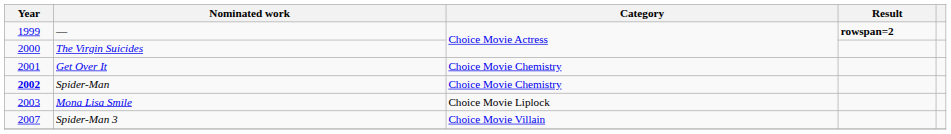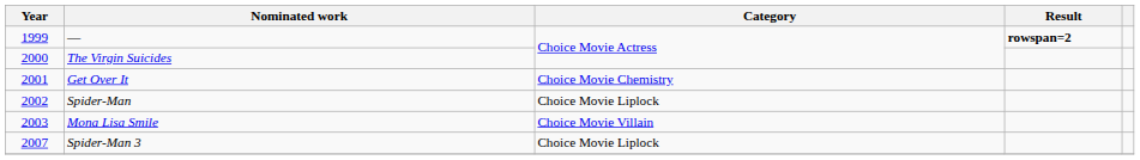 <table class="wikitable" style="width:85%;">
 <tr>
 <th width=5%>Year</th>
 <th style="width:40%;">Nominated work</th>
 <th style="width:40%;">Category</th>
 <th style="width:10%;">Result</th>
 <th width=1%></th>
 </tr>
 <tr>
 <td style="text-align:center;"><a href='#'>1999</a></td>
 <td>—</td>
 <td rowspan=2><a href='#'>Choice Movie Actress</a></td>
 <td><strong>rowspan=2 </strong></td>
 <td style="text-align:center;"></td>
 </tr>
 <tr>
 <td style="text-align:center;"><a href='#'>2000</a></td>
 <td><em><a href='#'>The Virgin Suicides</a></em></td>
 <td style="text-align:center;"></td>
 </tr>
 <tr>
 <td style="text-align:center;"><a href='#'>2001</a></td>
 <td><em><a href='#'>Get Over It</a></em></td>
 <td><a href='#'>Choice Movie Chemistry</a></td>
 <td></td>
 <td style="text-align:center;"></td>
 </tr>
 <tr>
-<td style="text-align:center;"><strong><a href='#'>2002</a></strong></td>
+<td style="text-align:center;"><a href='#'>2002</a></td>
 <td><em>Spider-Man</em></td>
-<td><a href='#'>Choice Movie Chemistry</a></td>
+<td>Choice Movie Liplock</td>
 <td></td>
 <td style="text-align:center;"></td>
 </tr>
 <tr>
 <td style="text-align:center;"><a href='#'>2003</a></td>
 <td><em><a href='#'>Mona Lisa Smile</a></em></td>
-<td>Choice Movie Liplock</td>
+<td><a href='#'>Choice Movie Villain</a></td>
 <td></td>
 <td style="text-align:center;"></td>
 </tr>
 <tr>
 <td style="text-align:center;"><a href='#'>2007</a></td>
 <td><em>Spider-Man 3</em></td>
-<td><a href='#'>Choice Movie Villain</a></td>
+<td>Choice Movie Liplock</td>
 <td></td>
 <td style="text-align:center;"></td>
 </tr>
 <tr>
 </tr>
 </table>
